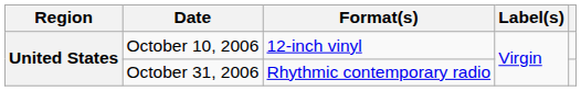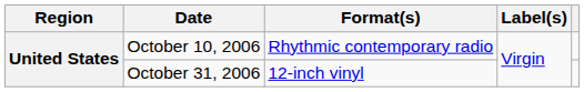 <table class="wikitable sortable plainrowheaders">
 <tr>
 <th scope="col">Region</th>
 <th scope="col">Date</th>
 <th scope="col">Format(s)</th>
 <th scope="col">Label(s)</th>
 <th scope="col"></th>
 </tr>
 <tr>
 <th scope="row" rowspan="2">United States</th>
 <td>October 10, 2006</td>
-<td><a href='#'>12-inch vinyl</a></td>
+<td><a href='#'>Rhythmic contemporary radio</a></td>
 <td rowspan="2"><a href='#'>Virgin</a></td>
 <td></td>
 </tr>
 <tr>
 <td>October 31, 2006</td>
-<td><a href='#'>Rhythmic contemporary radio</a></td>
+<td><a href='#'>12-inch vinyl</a></td>
 <td></td>
 </tr>
 </table>
